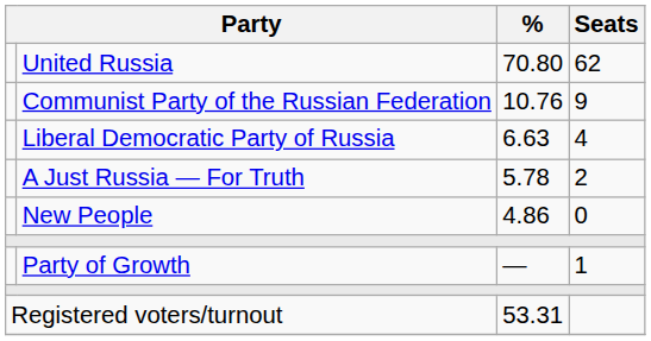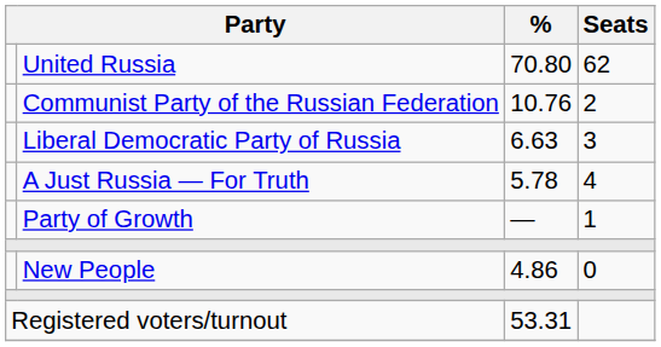 <table class="wikitable">
 <tr>
 <th colspan=2>Party</th>
 <th>%</th>
 <th>Seats</th>
 </tr>
 <tr>
 <td style="background:"></td>
 <td><a href='#'>United Russia</a></td>
 <td>70.80</td>
 <td>62</td>
 </tr>
 <tr>
 <td style="background:"></td>
 <td><a href='#'>Communist Party of the Russian Federation</a></td>
 <td>10.76</td>
-<td>9</td>
+<td>2</td>
 </tr>
 <tr>
 <td style="background:"></td>
 <td><a href='#'>Liberal Democratic Party of Russia</a></td>
 <td>6.63</td>
-<td>4</td>
+<td>3</td>
 </tr>
 <tr>
 <td style="background:"></td>
 <td><a href='#'>A Just Russia — For Truth</a></td>
 <td>5.78</td>
-<td>2</td>
+<td>4</td>
+</tr>
+<tr>
+<td style="background:"></td>
+<td><a href='#'>Party of Growth</a></td>
+<td>—</td>
+<td>1</td>
+</tr>
+<tr>
+<td colspan=4 style="background:#E9E9E9;"></td>
 </tr>
 <tr>
 <td style="background:"></td>
 <td><a href='#'>New People</a></td>
 <td>4.86</td>
 <td>0</td>
-</tr>
-<tr>
-<td colspan=4 style="background:#E9E9E9;"></td>
-</tr>
-<tr>
-<td style="background:"></td>
-<td><a href='#'>Party of Growth</a></td>
-<td>—</td>
-<td>1</td>
 </tr>
 <tr>
 <td colspan=4 style="background:#E9E9E9;"></td>
 </tr>
 <tr>
 <td align=left colspan=2>Registered voters/turnout</td>
 <td>53.31</td>
 <td></td>
 </tr>
 <tr>
 </tr>
 </table>
